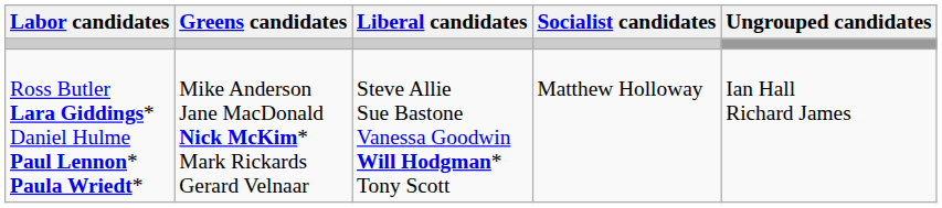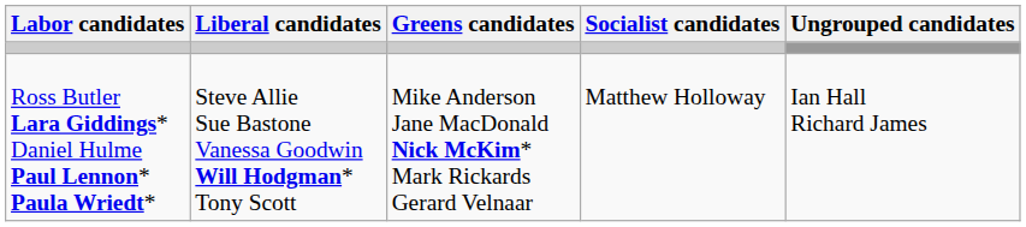 <table class="wikitable">
 <tr>
 <th><a href='#'>Labor</a> candidates</th>
+<th><a href='#'>Liberal</a> candidates</th>
 <th><a href='#'>Greens</a> candidates</th>
-<th><a href='#'>Liberal</a> candidates</th>
 <th><a href='#'>Socialist</a> candidates</th>
 <th>Ungrouped candidates</th>
 </tr>
 <tr bgcolor="#cccccc">
 <td></td>
 <td></td>
 <td></td>
 <td></td>
 <td bgcolor="#999999"></td>
 </tr>
 <tr>
 <td><br><a href='#'>Ross Butler</a><br> <strong><a href='#'>Lara Giddings</a></strong>*<br> <a href='#'>Daniel Hulme</a><br> <strong><a href='#'>Paul Lennon</a></strong>*<br> <strong><a href='#'>Paula Wriedt</a></strong>*</td>
+<td><br>Steve Allie<br> Sue Bastone<br> <a href='#'>Vanessa Goodwin</a><br> <strong><a href='#'>Will Hodgman</a></strong>*<br> Tony Scott</td>
 <td><br>Mike Anderson<br> Jane MacDonald<br> <strong><a href='#'>Nick McKim</a></strong>*<br> Mark Rickards<br> Gerard Velnaar</td>
-<td><br>Steve Allie<br> Sue Bastone<br> <a href='#'>Vanessa Goodwin</a><br> <strong><a href='#'>Will Hodgman</a></strong>*<br> Tony Scott</td>
 <td valign=top><br>Matthew Holloway</td>
 <td valign=top><br>Ian Hall<br> Richard James</td>
 </tr>
 </table>
